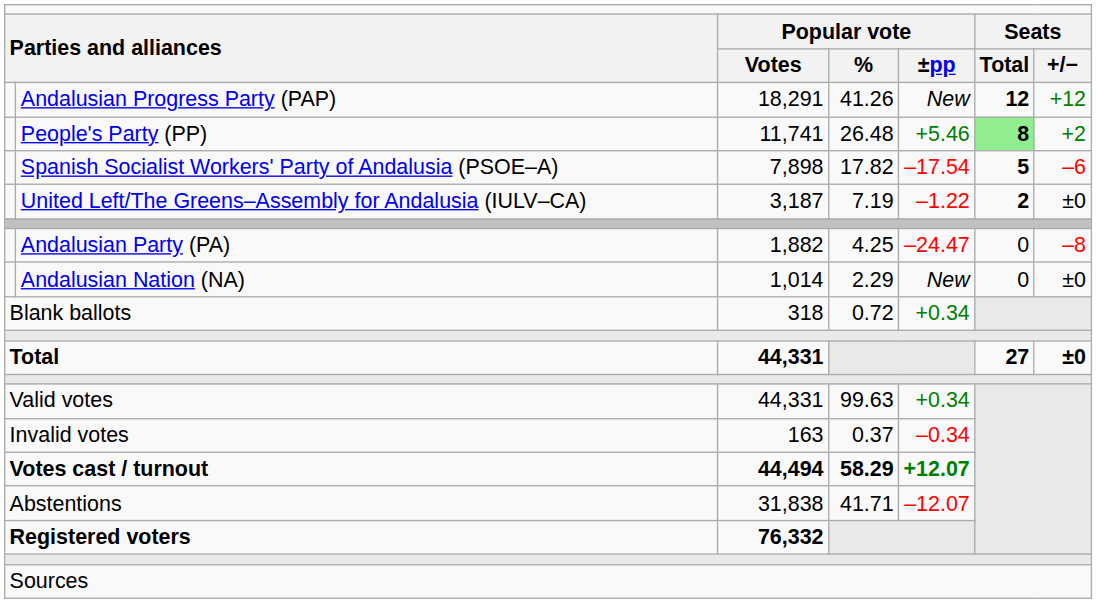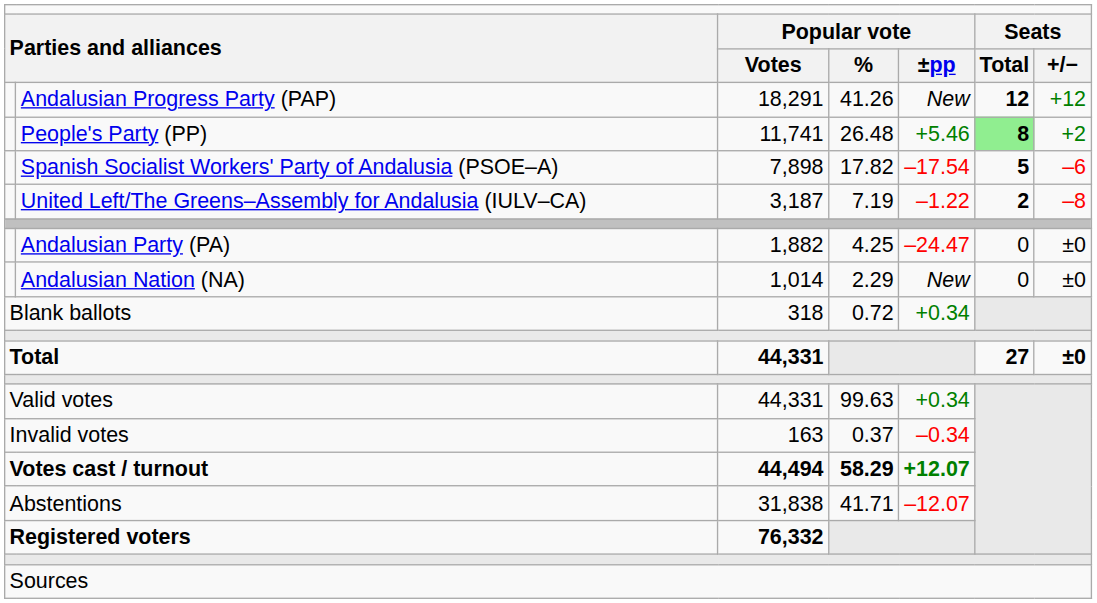 <table class="wikitable" style="text-align:right;">
 <tr>
 <td colspan="7"></td>
 </tr>
 <tr>
 <th style="text-align:left;" rowspan="2" colspan="2" width="525">Parties and alliances</th>
 <th colspan="3">Popular vote</th>
 <th colspan="2">Seats</th>
 </tr>
 <tr>
 <th width="75">Votes</th>
 <th width="45">%</th>
 <th width="45">±<a href='#'>pp</a></th>
 <th width="35">Total</th>
 <th width="35">+/−</th>
 </tr>
 <tr>
 <td width="1" style="color:inherit;background:"></td>
 <td align="left"><a href='#'>Andalusian Progress Party</a> (PAP)</td>
 <td>18,291</td>
 <td>41.26</td>
 <td><em>New</em></td>
 <td><strong>12</strong></td>
 <td style="color:green;">+12</td>
 </tr>
 <tr>
 <td style="color:inherit;background:"></td>
 <td align="left"><a href='#'>People's Party</a> (PP)</td>
 <td>11,741</td>
 <td>26.48</td>
 <td style="color:green;">+5.46</td>
 <td style="background: lightgreen;"><strong>8</strong></td>
 <td style="color:green;">+2</td>
 </tr>
 <tr>
 <td style="color:inherit;background:"></td>
 <td align="left"><a href='#'>Spanish Socialist Workers' Party of Andalusia</a> (PSOE–A)</td>
 <td>7,898</td>
 <td>17.82</td>
 <td style="color:red;">–17.54</td>
 <td><strong>5</strong></td>
 <td style="color:red;">–6</td>
 </tr>
 <tr>
 <td style="color:inherit;background:"></td>
 <td align="left"><a href='#'>United Left/The Greens–Assembly for Andalusia</a> (IULV–CA)</td>
 <td>3,187</td>
 <td>7.19</td>
 <td style="color:red;">–1.22</td>
 <td><strong>2</strong></td>
-<td>±0</td>
+<td style="color:red;">–8</td>
 </tr>
 <tr>
 <td colspan="7" bgcolor="#C0C0C0"></td>
 </tr>
 <tr>
 <td style="color:inherit;background:"></td>
 <td align="left"><a href='#'>Andalusian Party</a> (PA)</td>
 <td>1,882</td>
 <td>4.25</td>
 <td style="color:red;">–24.47</td>
 <td>0</td>
-<td style="color:red;">–8</td>
+<td>±0</td>
 </tr>
 <tr>
 <td style="color:inherit;background:"></td>
 <td align="left"><a href='#'>Andalusian Nation</a> (NA)</td>
 <td>1,014</td>
 <td>2.29</td>
 <td><em>New</em></td>
 <td>0</td>
 <td>±0</td>
 </tr>
 <tr>
 <td align="left" colspan="2">Blank ballots</td>
 <td>318</td>
 <td>0.72</td>
 <td style="color:green;">+0.34</td>
 <td bgcolor="#E9E9E9" colspan="2"></td>
 </tr>
 <tr>
 <td colspan="7" bgcolor="#E9E9E9"></td>
 </tr>
 <tr style="font-weight:bold;">
 <td align="left" colspan="2">Total</td>
 <td>44,331</td>
 <td bgcolor="#E9E9E9" colspan="2"></td>
 <td>27</td>
 <td>±0</td>
 </tr>
 <tr>
 <td colspan="7" bgcolor="#E9E9E9"></td>
 </tr>
 <tr>
 <td align="left" colspan="2">Valid votes</td>
 <td>44,331</td>
 <td>99.63</td>
 <td style="color:green;">+0.34</td>
 <td bgcolor="#E9E9E9" colspan="2" rowspan="5"></td>
 </tr>
 <tr>
 <td align="left" colspan="2">Invalid votes</td>
 <td>163</td>
 <td>0.37</td>
 <td style="color:red;">–0.34</td>
 </tr>
 <tr style="font-weight:bold;">
 <td align="left" colspan="2">Votes cast / turnout</td>
 <td>44,494</td>
 <td>58.29</td>
 <td style="color:green;">+12.07</td>
 </tr>
 <tr>
 <td align="left" colspan="2">Abstentions</td>
 <td>31,838</td>
 <td>41.71</td>
 <td style="color:red;">–12.07</td>
 </tr>
 <tr style="font-weight:bold;">
 <td align="left" colspan="2">Registered voters</td>
 <td>76,332</td>
 <td bgcolor="#E9E9E9" colspan="2"></td>
 </tr>
 <tr>
 <td colspan="7" bgcolor="#E9E9E9"></td>
 </tr>
 <tr>
 <td align="left" colspan="7">Sources</td>
 </tr>
 </table>
